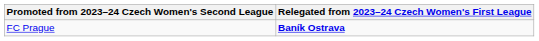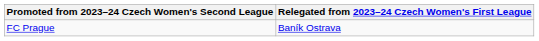 <table class="wikitable">
 <tr>
 <th>Promoted from 2023–24 Czech Women's Second League</th>
 <th>Relegated from <a href='#'>2023–24 Czech Women's First League</a></th>
 </tr>
 <tr>
 <td><a href='#'>FC Prague</a></td>
-<td><strong><a href='#'>Baník Ostrava</a></strong></td>
+<td><a href='#'>Baník Ostrava</a></td>
 </tr>
 </table>
